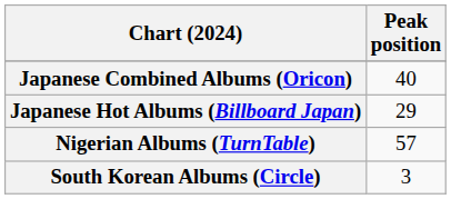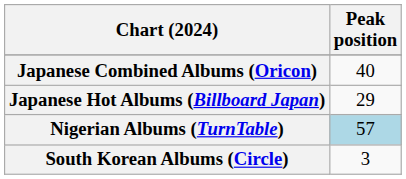 <table class="wikitable sortable plainrowheaders" style="text-align:center">
 <tr>
 <th scope="col">Chart (2024)</th>
 <th scope="col">Peak<br>position</th>
 </tr>
 <tr>
 </tr>
 <tr>
 <th scope="row">Japanese Combined Albums (<a href='#'>Oricon</a>)</th>
 <td>40</td>
 </tr>
 <tr>
 <th scope="row">Japanese Hot Albums (<em><a href='#'>Billboard Japan</a></em>)</th>
 <td>29</td>
 </tr>
 <tr>
 <th scope="row">Nigerian Albums (<a href='#'><em>TurnTable</em></a>)</th>
-<td>57</td>
+<td style="background: lightblue;">57</td>
 </tr>
 <tr>
 <th scope="row">South Korean Albums (<a href='#'>Circle</a>)</th>
 <td>3</td>
 </tr>
 </table>
